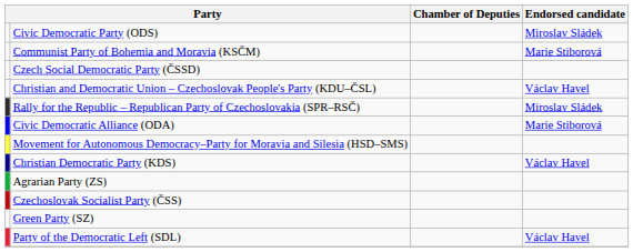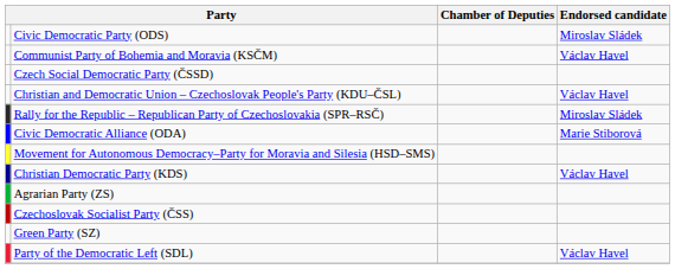 <table class=wikitable style=text-align:left>
 <tr>
 <th colspan=2>Party</th>
 <th>Chamber of Deputies</th>
 <th>Endorsed candidate</th>
 </tr>
 <tr>
 <td></td>
 <td><a href='#'>Civic Democratic Party</a> (ODS)</td>
 <td></td>
 <td><a href='#'>Miroslav Sládek</a></td>
 </tr>
 <tr>
 <td></td>
 <td><a href='#'>Communist Party of Bohemia and Moravia</a> (KSČM)</td>
 <td></td>
-<td><a href='#'>Marie Stiborová</a></td>
+<td><a href='#'>Václav Havel</a></td>
 </tr>
 <tr>
 <td></td>
 <td><a href='#'>Czech Social Democratic Party</a> (ČSSD)</td>
 <td></td>
 <td></td>
 </tr>
 <tr>
 <td></td>
 <td><a href='#'>Christian and Democratic Union – Czechoslovak People's Party</a> (KDU–ČSL)</td>
 <td></td>
 <td><a href='#'>Václav Havel</a></td>
 </tr>
 <tr>
 <td style="background:#292829;"></td>
 <td><a href='#'>Rally for the Republic – Republican Party of Czechoslovakia</a> (SPR–RSČ)</td>
 <td></td>
 <td><a href='#'>Miroslav Sládek</a></td>
 </tr>
 <tr>
 <td style="background:#0000FF;"></td>
 <td><a href='#'>Civic Democratic Alliance</a> (ODA)</td>
 <td></td>
 <td><a href='#'>Marie Stiborová</a></td>
 </tr>
 <tr>
 <td style="background:#FFFF33;"></td>
 <td><a href='#'>Movement for Autonomous Democracy–Party for Moravia and Silesia</a> (HSD–SMS)</td>
 <td></td>
 <td></td>
 </tr>
 <tr>
 <td style="background:#00008B;"></td>
 <td><a href='#'>Christian Democratic Party</a> (KDS)</td>
 <td></td>
 <td><a href='#'>Václav Havel</a></td>
 </tr>
 <tr>
 <td style="background:#00B233;"></td>
 <td>Agrarian Party (ZS)</td>
 <td></td>
 <td></td>
 </tr>
 <tr>
 <td style="background:#bf0202;"></td>
 <td><a href='#'>Czechoslovak Socialist Party</a> (ČSS)</td>
 <td></td>
 <td></td>
 </tr>
 <tr>
 <td></td>
 <td><a href='#'>Green Party</a> (SZ)</td>
 <td></td>
 <td></td>
 </tr>
 <tr>
 <td style="background:#ED1B34;"></td>
 <td><a href='#'>Party of the Democratic Left</a> (SDL)</td>
 <td></td>
 <td><a href='#'>Václav Havel</a></td>
 </tr>
 <tr>
 </tr>
 </table>
